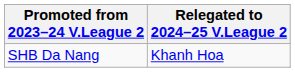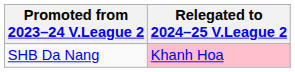 <table class="wikitable">
 <tr>
 <th>Promoted from<br><a href='#'>2023–24 V.League 2</a></th>
 <th>Relegated to<br><a href='#'>2024–25 V.League 2</a></th>
 </tr>
 <tr>
 <td><a href='#'>SHB Da Nang</a></td>
-<td><a href='#'>Khanh Hoa</a></td>
+<td style="background: pink;"><a href='#'>Khanh Hoa</a></td>
 </tr>
 </table>
